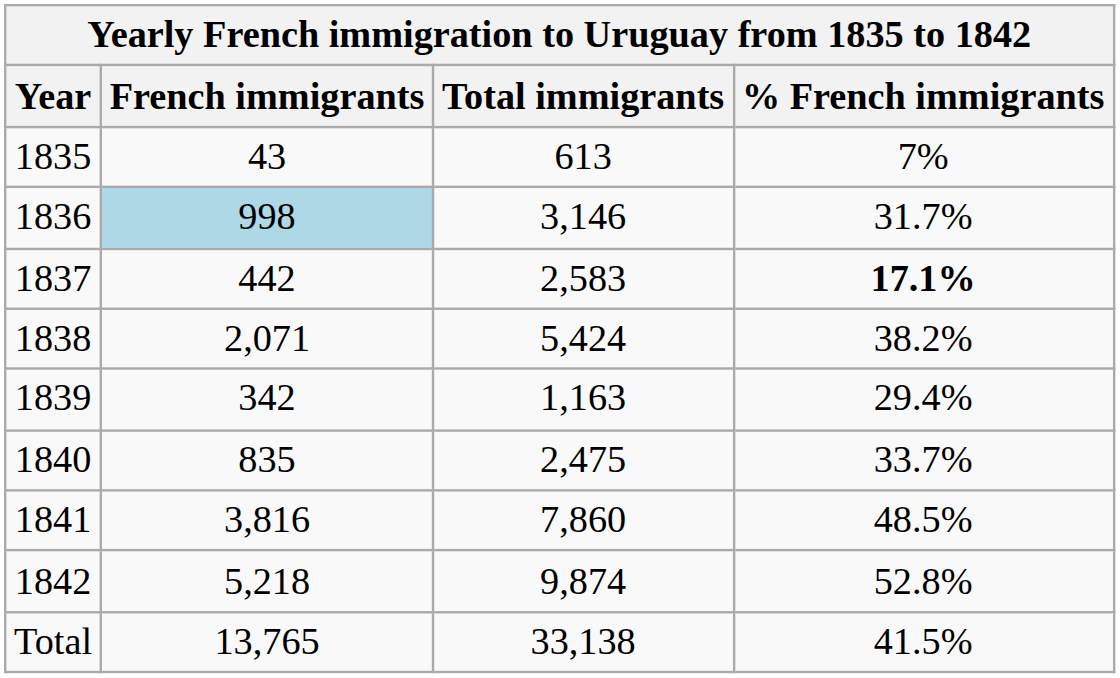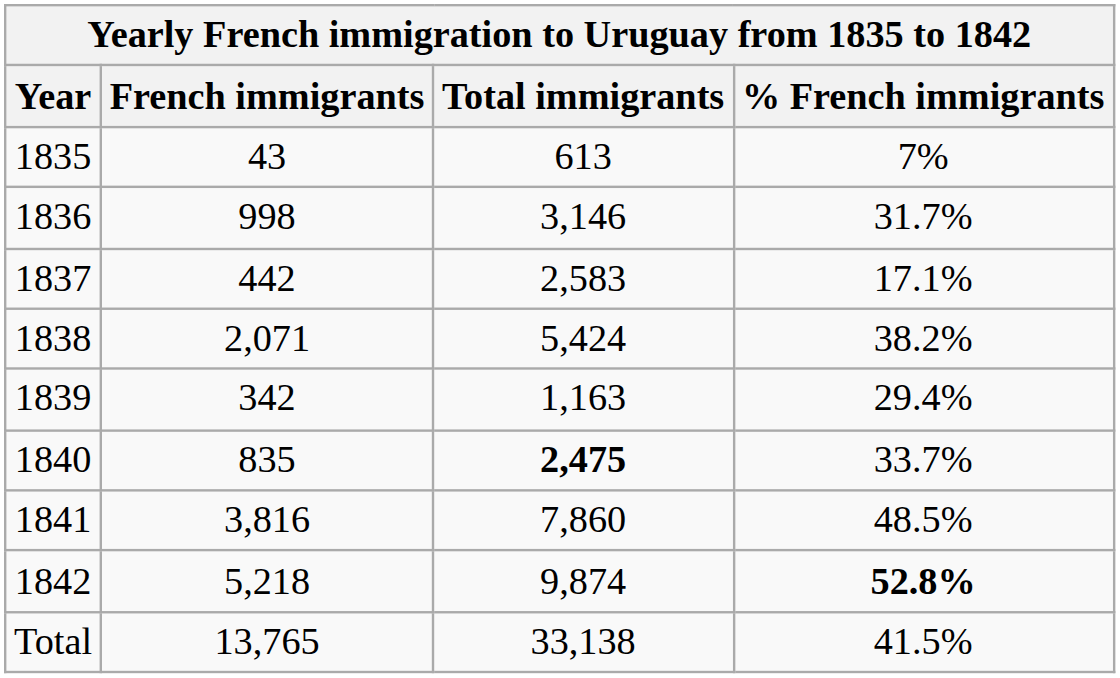 <table class="wikitable" style="text-align:center;">
 <tr>
 <th colspan=5>Yearly French immigration to Uruguay from 1835 to 1842</th>
 </tr>
 <tr>
 <th>Year</th>
 <th>French immigrants</th>
 <th>Total immigrants</th>
 <th>% French immigrants</th>
 </tr>
 <tr>
 <td>1835</td>
 <td>43</td>
 <td>613</td>
 <td>7%</td>
 </tr>
 <tr>
 <td>1836</td>
-<td style="background: lightblue;">998</td>
+<td>998</td>
 <td>3,146</td>
 <td>31.7%</td>
 </tr>
 <tr>
 <td>1837</td>
 <td>442</td>
 <td>2,583</td>
-<td><strong>17.1%</strong></td>
+<td>17.1%</td>
 </tr>
 <tr>
 <td>1838</td>
 <td>2,071</td>
 <td>5,424</td>
 <td>38.2%</td>
 </tr>
 <tr>
 <td>1839</td>
 <td>342</td>
 <td>1,163</td>
 <td>29.4%</td>
 </tr>
 <tr>
 <td>1840</td>
 <td>835</td>
-<td>2,475</td>
+<td><strong>2,475</strong></td>
 <td>33.7%</td>
 </tr>
 <tr>
 <td>1841</td>
 <td>3,816</td>
 <td>7,860</td>
 <td>48.5%</td>
 </tr>
 <tr>
 <td>1842</td>
 <td>5,218</td>
 <td>9,874</td>
-<td>52.8%</td>
+<td><strong>52.8%</strong></td>
 </tr>
 <tr>
 <td>Total</td>
 <td>13,765</td>
 <td>33,138</td>
 <td>41.5%</td>
 </tr>
 </table>
